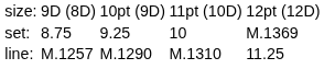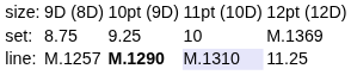 <table style="margin-left:40px;">
 <tr>
 <td>size:</td>
 <td>9D (8D)</td>
 <td>10pt (9D)</td>
 <td>11pt (10D)</td>
 <td>12pt (12D)</td>
 </tr>
 <tr>
 <td>set:</td>
 <td>8.75</td>
 <td>9.25</td>
 <td>10</td>
 <td>M.1369</td>
 </tr>
 <tr>
 <td>line:</td>
 <td>M.1257</td>
-<td>M.1290</td>
-<td>M.1310</td>
+<td><strong>M.1290</strong></td>
+<td style="background: lavender;">M.1310</td>
 <td>11.25</td>
 </tr>
 </table>
